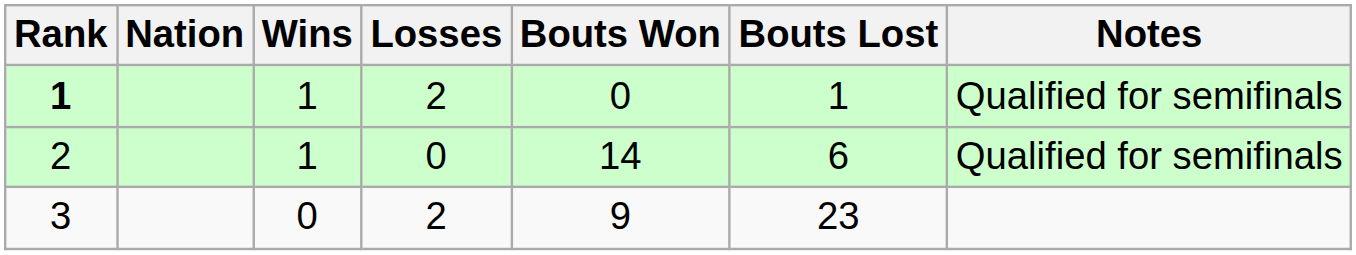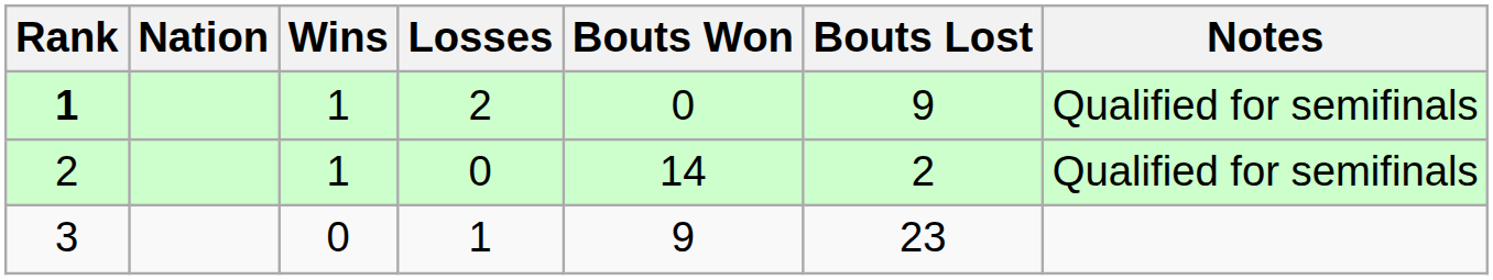 <table class="wikitable sortable" style="text-align:center">
 <tr>
 <th>Rank</th>
 <th>Nation</th>
 <th>Wins</th>
 <th>Losses</th>
 <th>Bouts Won</th>
 <th>Bouts Lost</th>
 <th>Notes</th>
 </tr>
 <tr style="background:#cfc;">
 <td><strong>1</strong></td>
 <td align=left></td>
 <td>1</td>
 <td>2</td>
 <td>0</td>
-<td>1</td>
+<td>9</td>
 <td>Qualified for semifinals</td>
 </tr>
 <tr style="background:#cfc;">
 <td>2</td>
 <td align=left></td>
 <td>1</td>
 <td>0</td>
 <td>14</td>
-<td>6</td>
+<td>2</td>
 <td>Qualified for semifinals</td>
 </tr>
 <tr>
 <td>3</td>
 <td align=left></td>
 <td>0</td>
-<td>2</td>
+<td>1</td>
 <td>9</td>
 <td>23</td>
 <td></td>
 </tr>
 </table>
